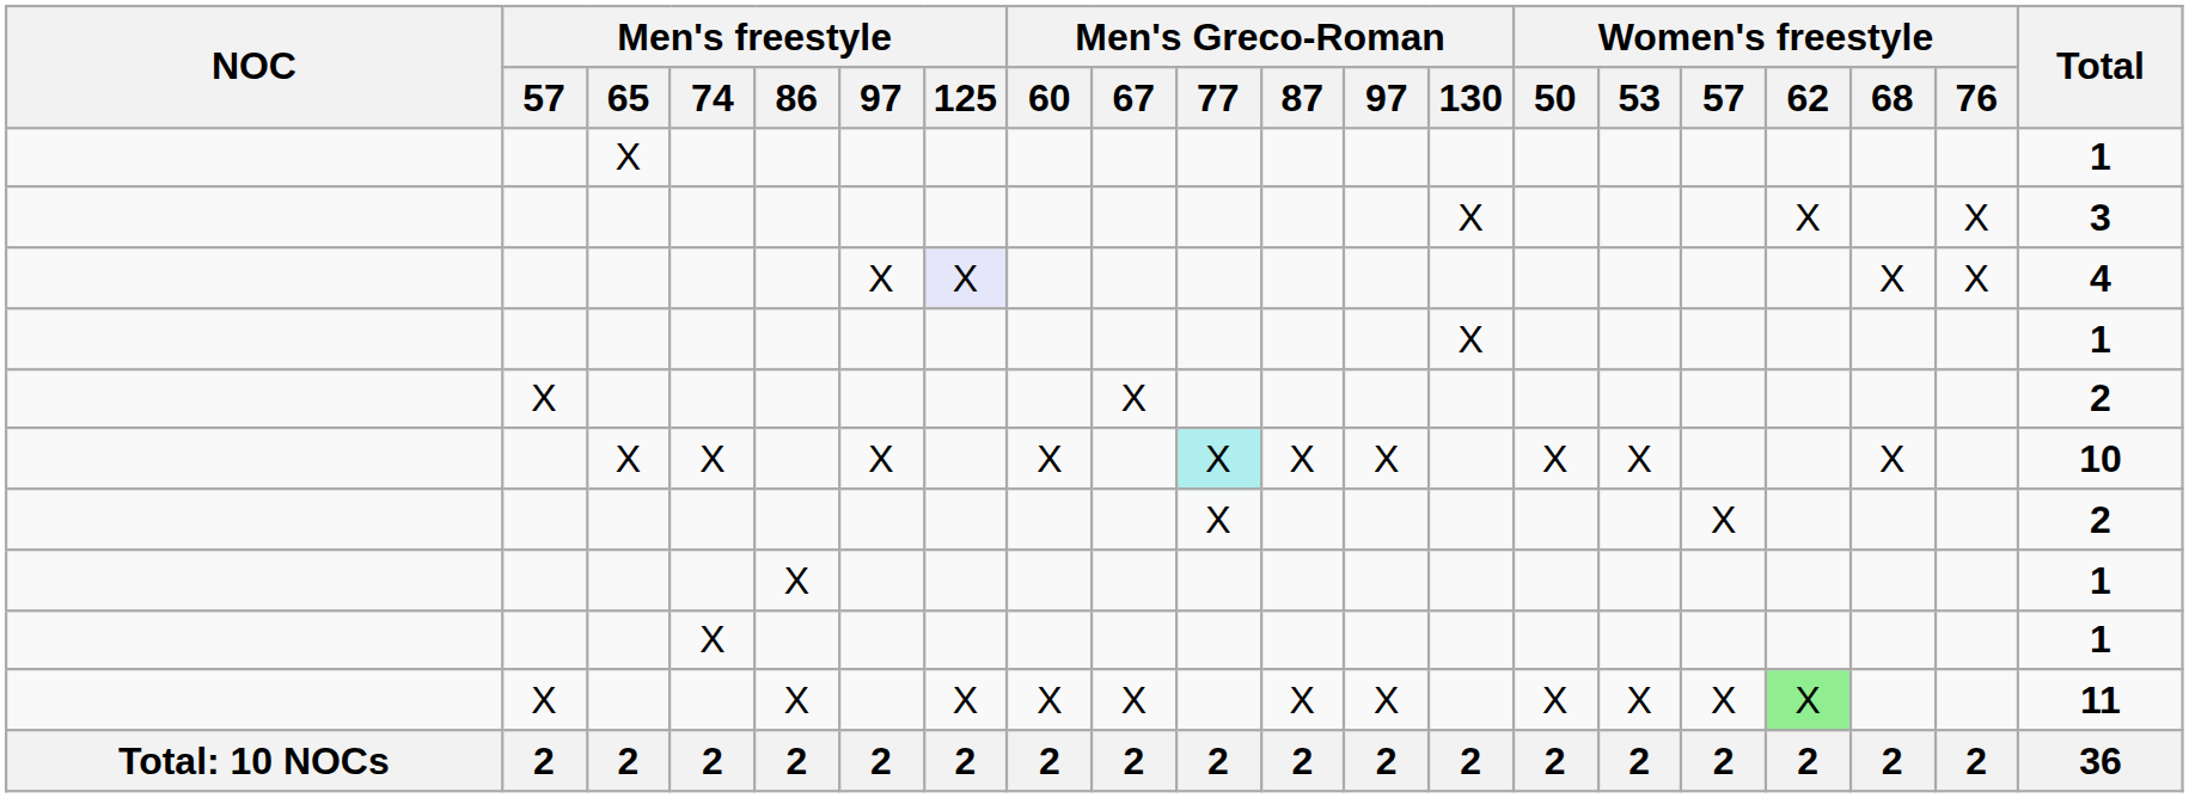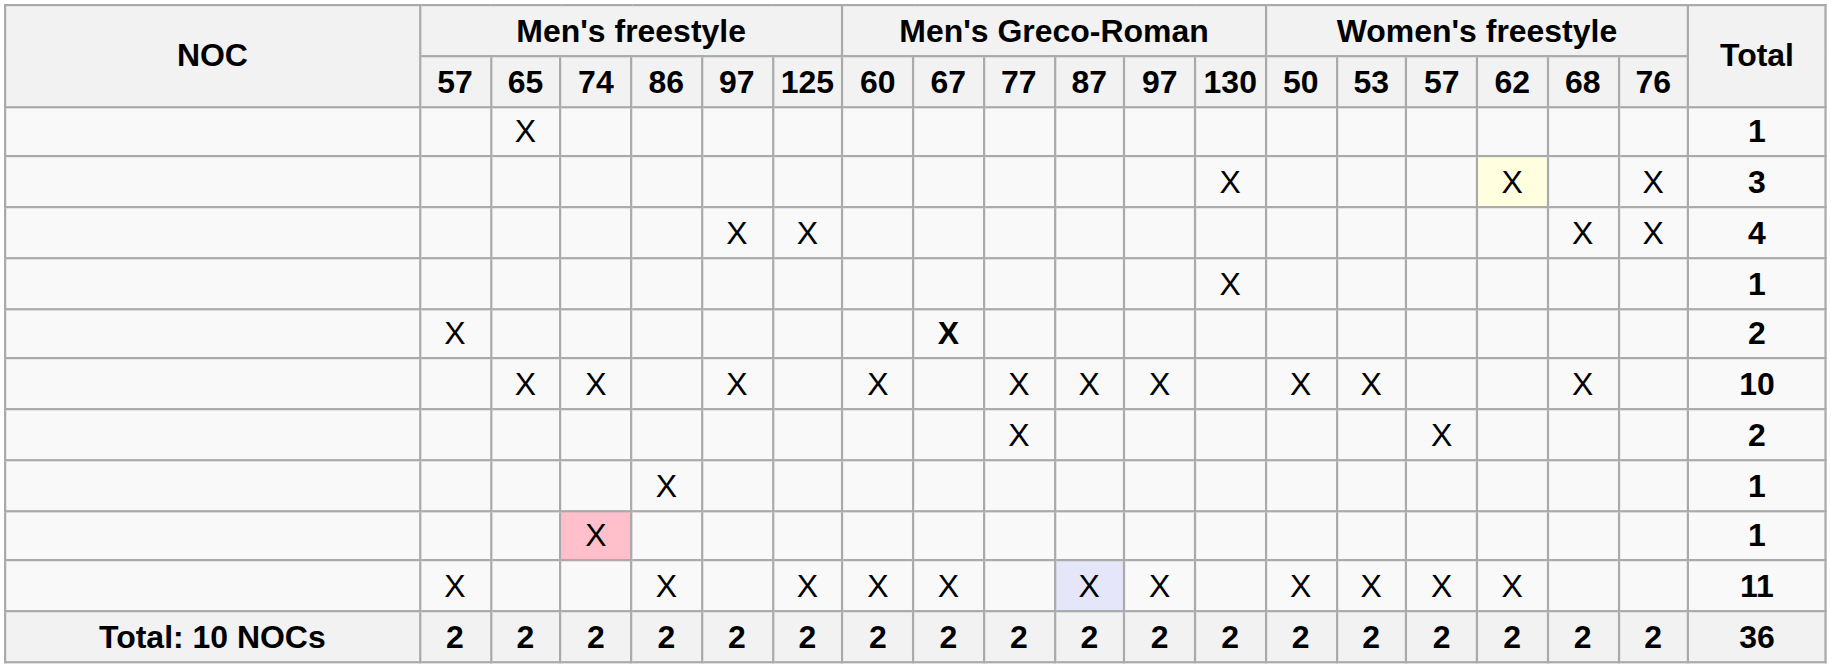 <table class="wikitable" style="text-align:center; font-size:90%">
 <tr>
 <th rowspan="2" width=180 style="text-align:center;">NOC</th>
 <th colspan="6">Men's freestyle</th>
 <th colspan="6">Men's Greco-Roman</th>
 <th colspan=6>Women's freestyle</th>
 <th ! width=55 rowspan="2">Total</th>
 </tr>
 <tr>
 <th width="25">57</th>
 <th width="25">65</th>
 <th width="25">74</th>
 <th width="25">86</th>
 <th width="25">97</th>
 <th width="25">125</th>
 <th width="25">60</th>
 <th width="25">67</th>
 <th width="25">77</th>
 <th width="25">87</th>
 <th width="25">97</th>
 <th width="25">130</th>
 <th width="25">50</th>
 <th width="25">53</th>
 <th width="25">57</th>
 <th width="25">62</th>
 <th width="25">68</th>
 <th width="25">76</th>
 </tr>
 <tr>
 <td align="left"></td>
 <td></td>
 <td>X</td>
 <td></td>
 <td></td>
 <td></td>
 <td></td>
 <td></td>
 <td></td>
 <td></td>
 <td></td>
 <td></td>
 <td></td>
 <td></td>
 <td></td>
 <td></td>
 <td></td>
 <td></td>
 <td></td>
 <td><strong>1</strong></td>
 </tr>
 <tr>
 <td align="left"></td>
 <td></td>
 <td></td>
 <td></td>
 <td></td>
 <td></td>
 <td></td>
 <td></td>
 <td></td>
 <td></td>
 <td></td>
 <td></td>
 <td>X</td>
 <td></td>
 <td></td>
 <td></td>
-<td>X</td>
+<td style="background: lightyellow;">X</td>
 <td></td>
 <td>X</td>
 <td><strong>3</strong></td>
 </tr>
 <tr>
 <td align="left"></td>
 <td></td>
 <td></td>
 <td></td>
 <td></td>
 <td>X</td>
-<td style="background: lavender;">X</td>
+<td>X</td>
 <td></td>
 <td></td>
 <td></td>
 <td></td>
 <td></td>
 <td></td>
 <td></td>
 <td></td>
 <td></td>
 <td></td>
 <td>X</td>
 <td>X</td>
 <td><strong>4</strong></td>
 </tr>
 <tr>
 <td align="left"></td>
 <td></td>
 <td></td>
 <td></td>
 <td></td>
 <td></td>
 <td></td>
 <td></td>
 <td></td>
 <td></td>
 <td></td>
 <td></td>
 <td>X</td>
 <td></td>
 <td></td>
 <td></td>
 <td></td>
 <td></td>
 <td></td>
 <td><strong>1</strong></td>
 </tr>
 <tr>
 <td align="left"></td>
 <td>X</td>
 <td></td>
 <td></td>
 <td></td>
 <td></td>
 <td></td>
 <td></td>
-<td>X</td>
+<td><strong>X</strong></td>
 <td></td>
 <td></td>
 <td></td>
 <td></td>
 <td></td>
 <td></td>
 <td></td>
 <td></td>
 <td></td>
 <td></td>
 <td><strong>2</strong></td>
 </tr>
 <tr>
 <td align="left"></td>
 <td></td>
 <td>X</td>
 <td>X</td>
 <td></td>
 <td>X</td>
 <td></td>
 <td>X</td>
 <td></td>
-<td style="background: paleturquoise;">X</td>
+<td>X</td>
 <td>X</td>
 <td>X</td>
 <td></td>
 <td>X</td>
 <td>X</td>
 <td></td>
 <td></td>
 <td>X</td>
 <td></td>
 <td><strong>10</strong></td>
 </tr>
 <tr>
 <td align="left"></td>
 <td></td>
 <td></td>
 <td></td>
 <td></td>
 <td></td>
 <td></td>
 <td></td>
 <td></td>
 <td>X</td>
 <td></td>
 <td></td>
 <td></td>
 <td></td>
 <td></td>
 <td>X</td>
 <td></td>
 <td></td>
 <td></td>
 <td><strong>2</strong></td>
 </tr>
 <tr>
 <td align="left"></td>
 <td></td>
 <td></td>
 <td></td>
 <td>X</td>
 <td></td>
 <td></td>
 <td></td>
 <td></td>
 <td></td>
 <td></td>
 <td></td>
 <td></td>
 <td></td>
 <td></td>
 <td></td>
 <td></td>
 <td></td>
 <td></td>
 <td><strong>1</strong></td>
 </tr>
 <tr>
 <td align="left"></td>
 <td></td>
 <td></td>
-<td>X</td>
+<td style="background: pink;">X</td>
 <td></td>
 <td></td>
 <td></td>
 <td></td>
 <td></td>
 <td></td>
 <td></td>
 <td></td>
 <td></td>
 <td></td>
 <td></td>
 <td></td>
 <td></td>
 <td></td>
 <td></td>
 <td><strong>1</strong></td>
 </tr>
 <tr>
 <td align="left"></td>
 <td>X</td>
 <td></td>
 <td></td>
 <td>X</td>
 <td></td>
 <td>X</td>
 <td>X</td>
 <td>X</td>
 <td></td>
-<td>X</td>
+<td style="background: lavender;">X</td>
 <td>X</td>
 <td></td>
 <td>X</td>
 <td>X</td>
 <td>X</td>
-<td style="background: lightgreen;">X</td>
+<td>X</td>
 <td></td>
 <td></td>
 <td><strong>11</strong></td>
 </tr>
 <tr>
 <th>Total: 10 NOCs</th>
 <th>2</th>
 <th>2</th>
 <th>2</th>
 <th>2</th>
 <th>2</th>
 <th>2</th>
 <th>2</th>
 <th>2</th>
 <th>2</th>
 <th>2</th>
 <th>2</th>
 <th>2</th>
 <th>2</th>
 <th>2</th>
 <th>2</th>
 <th>2</th>
 <th>2</th>
 <th>2</th>
 <th>36</th>
 </tr>
 </table>
